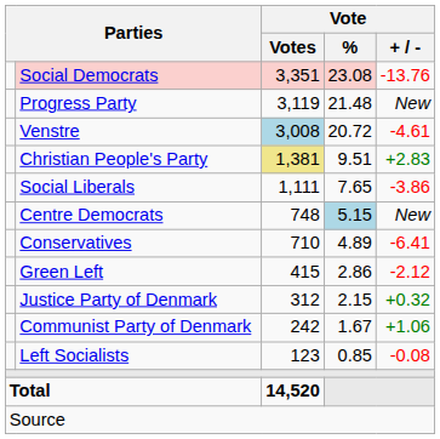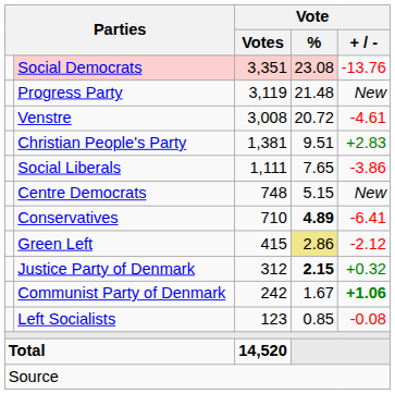 <table class="wikitable" style="text-align:right;">
 <tr>
 <th style="text-align:centre;" rowspan="2" colspan="2" width="225">Parties</th>
 <th colspan="3">Vote</th>
 </tr>
 <tr>
 <th width="15">Votes</th>
 <th width="15">%</th>
 <th width="15">+ / -</th>
 </tr>
 <tr>
 <td width="2" style="color:inherit;background:"></td>
 <td bgcolor=#fbd0ce  align="left"><a href='#'>Social Democrats</a></td>
 <td bgcolor=#fbd0ce>3,351</td>
 <td bgcolor=#fbd0ce>23.08</td>
 <td style=color:red;>-13.76</td>
 </tr>
 <tr>
 <td width="2" style="color:inherit;background:"></td>
 <td align="left"><a href='#'>Progress Party</a></td>
 <td>3,119</td>
 <td>21.48</td>
 <td><em>New</em></td>
 </tr>
 <tr>
 <td width="2" style="color:inherit;background:"></td>
 <td align="left"><a href='#'>Venstre</a></td>
-<td style="background: lightblue;">3,008</td>
+<td>3,008</td>
 <td>20.72</td>
 <td style=color:red;>-4.61</td>
 </tr>
 <tr>
 <td width="2" style="color:inherit;background:"></td>
 <td align="left"><a href='#'>Christian People's Party</a></td>
-<td style="background: khaki;">1,381</td>
+<td>1,381</td>
 <td>9.51</td>
 <td style=color:green;>+2.83</td>
 </tr>
 <tr>
 <td width="2" style="color:inherit;background:"></td>
 <td align="left"><a href='#'>Social Liberals</a></td>
 <td>1,111</td>
 <td>7.65</td>
 <td style=color:red;>-3.86</td>
 </tr>
 <tr>
 <td width="2" style="color:inherit;background:"></td>
 <td align="left"><a href='#'>Centre Democrats</a></td>
 <td>748</td>
-<td style="background: lightblue;">5.15</td>
+<td>5.15</td>
 <td><em>New</em></td>
 </tr>
 <tr>
 <td width="2" style="color:inherit;background:"></td>
 <td align="left"><a href='#'>Conservatives</a></td>
 <td>710</td>
-<td>4.89</td>
+<td><strong>4.89</strong></td>
 <td style=color:red;>-6.41</td>
 </tr>
 <tr>
 <td width="2" style="color:inherit;background:"></td>
 <td align="left"><a href='#'>Green Left</a></td>
 <td>415</td>
-<td>2.86</td>
+<td style="background: khaki;">2.86</td>
 <td style=color:red;>-2.12</td>
 </tr>
 <tr>
 <td width="2" style="color:inherit;background:"></td>
 <td align="left"><a href='#'>Justice Party of Denmark</a></td>
 <td>312</td>
-<td>2.15</td>
+<td><strong>2.15</strong></td>
 <td style=color:green;>+0.32</td>
 </tr>
 <tr>
 <td width="2" style="color:inherit;background:"></td>
 <td align="left"><a href='#'>Communist Party of Denmark</a></td>
 <td>242</td>
 <td>1.67</td>
-<td style=color:green;>+1.06</td>
+<td style=color:green;><strong>+1.06</strong></td>
 </tr>
 <tr>
 <td width="2" style="color:inherit;background:"></td>
 <td align="left"><a href='#'>Left Socialists</a></td>
 <td>123</td>
 <td>0.85</td>
 <td style=color:red;>-0.08</td>
 </tr>
 <tr>
 <td colspan="7" bgcolor="#E9E9E9"></td>
 </tr>
 <tr>
 <td align="left" colspan="2"><strong>Total</strong></td>
 <td><strong>14,520</strong></td>
 <td bgcolor="#E9E9E9" colspan="2"></td>
 </tr>
 <tr>
 <td align="left" colspan="6">Source</td>
 </tr>
 </table>
